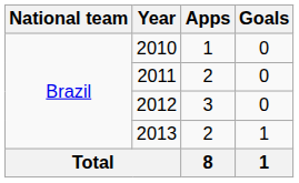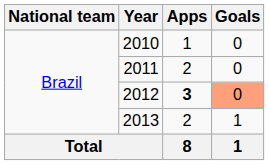 <table class="wikitable" style="text-align:center">
 <tr>
 <th>National team</th>
 <th>Year</th>
 <th>Apps</th>
 <th>Goals</th>
 </tr>
 <tr>
 <td rowspan="4"><a href='#'>Brazil</a></td>
 <td>2010</td>
 <td>1</td>
 <td>0</td>
 </tr>
 <tr>
 <td>2011</td>
 <td>2</td>
 <td>0</td>
 </tr>
 <tr>
 <td>2012</td>
-<td>3</td>
-<td>0</td>
+<td><strong>3</strong></td>
+<td style="background: lightsalmon;">0</td>
 </tr>
 <tr>
 <td>2013</td>
 <td>2</td>
 <td>1</td>
 </tr>
 <tr>
 <th colspan="2">Total</th>
 <th>8</th>
 <th>1</th>
 </tr>
 </table>
